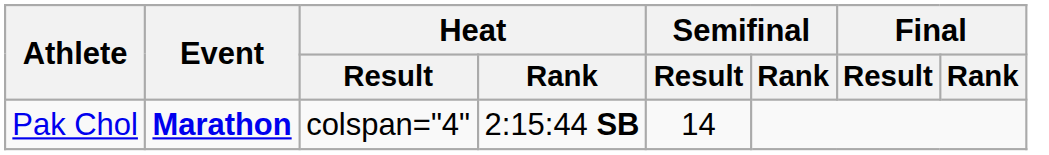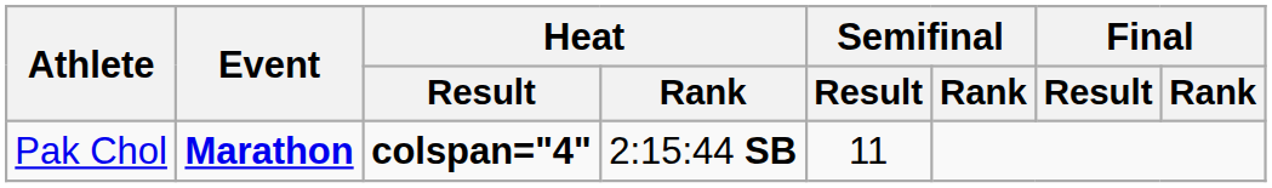 <table class="wikitable" style="font-size:90%">
 <tr>
 <th rowspan="2">Athlete</th>
 <th rowspan="2">Event</th>
 <th colspan="2">Heat</th>
 <th colspan="2">Semifinal</th>
 <th colspan="2">Final</th>
 </tr>
 <tr style="font-size:95%">
 <th>Result</th>
 <th>Rank</th>
 <th>Result</th>
 <th>Rank</th>
 <th>Result</th>
 <th>Rank</th>
 </tr>
 <tr style=text-align:center>
 <td style=text-align:left><a href='#'>Pak Chol</a></td>
 <td style=text-align:left><strong><a href='#'>Marathon</a></strong></td>
-<td>colspan="4" </td>
+<td><strong>colspan="4" </strong></td>
 <td>2:15:44 <strong><abbr>SB</abbr></strong></td>
-<td>14</td>
+<td>11</td>
 </tr>
 </table>
